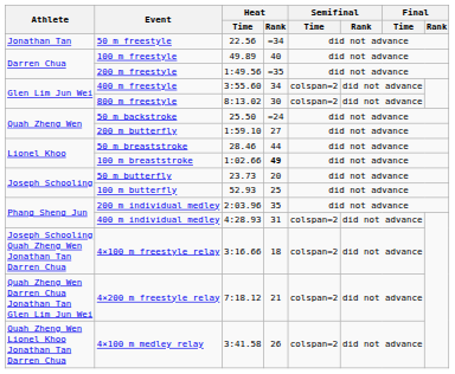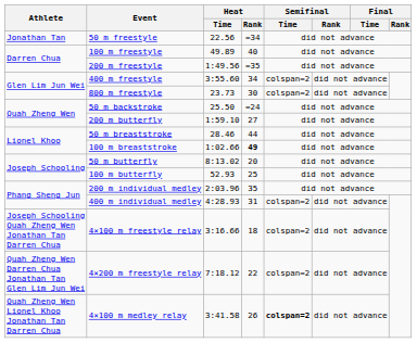 <table class="wikitable" style="text-align:center; font-size:90%">
 <tr>
 <th rowspan="2">Athlete</th>
 <th rowspan="2">Event</th>
 <th colspan="2">Heat</th>
 <th colspan="2">Semifinal</th>
 <th colspan="2">Final</th>
 </tr>
 <tr style="font-size:95%">
 <th>Time</th>
 <th>Rank</th>
 <th>Time</th>
 <th>Rank</th>
 <th>Time</th>
 <th>Rank</th>
 </tr>
 <tr>
 <td align=left><a href='#'>Jonathan Tan</a></td>
 <td align=left><a href='#'>50 m freestyle</a></td>
 <td>22.56</td>
 <td>=34</td>
 <td colspan=4>did not advance</td>
 </tr>
 <tr>
 <td align=left rowspan=2><a href='#'>Darren Chua</a></td>
 <td align=left><a href='#'>100 m freestyle</a></td>
 <td>49.89</td>
 <td>40</td>
 <td colspan=4>did not advance</td>
 </tr>
 <tr>
 <td align=left><a href='#'>200 m freestyle</a></td>
 <td>1:49.56</td>
 <td>=35</td>
 <td colspan=4>did not advance</td>
 </tr>
 <tr>
 <td align=left rowspan=2><a href='#'>Glen Lim Jun Wei</a></td>
 <td align=left><a href='#'>400 m freestyle</a></td>
 <td>3:55.60</td>
 <td>34</td>
 <td>colspan=2 </td>
 <td colspan=2>did not advance</td>
 </tr>
 <tr>
 <td align=left><a href='#'>800 m freestyle</a></td>
-<td>8:13.02</td>
+<td>23.73</td>
 <td>30</td>
 <td>colspan=2 </td>
 <td colspan=2>did not advance</td>
 </tr>
 <tr>
 <td align=left rowspan=2><a href='#'>Quah Zheng Wen</a></td>
 <td align=left><a href='#'>50 m backstroke</a></td>
 <td>25.50</td>
 <td>=24</td>
 <td colspan=4>did not advance</td>
 </tr>
 <tr>
 <td align=left><a href='#'>200 m butterfly</a></td>
 <td>1:59.10</td>
 <td>27</td>
 <td colspan=4>did not advance</td>
 </tr>
 <tr>
 <td align=left rowspan=2><a href='#'>Lionel Khoo</a></td>
 <td align=left><a href='#'>50 m breaststroke</a></td>
 <td>28.46</td>
 <td>44</td>
 <td colspan=4>did not advance</td>
 </tr>
 <tr>
 <td align=left><a href='#'>100 m breaststroke</a></td>
 <td>1:02.66</td>
 <td><strong>49</strong></td>
 <td colspan=4>did not advance</td>
 </tr>
 <tr>
 <td align=left rowspan=2><a href='#'>Joseph Schooling</a></td>
 <td align=left><a href='#'>50 m butterfly</a></td>
-<td>23.73</td>
+<td>8:13.02</td>
 <td>20</td>
 <td colspan=4>did not advance</td>
 </tr>
 <tr>
 <td align=left><a href='#'>100 m butterfly</a></td>
 <td>52.93</td>
 <td>25</td>
 <td colspan=4>did not advance</td>
 </tr>
 <tr>
 <td align=left rowspan=2><a href='#'>Phang Sheng Jun</a></td>
 <td align=left><a href='#'>200 m individual medley</a></td>
 <td>2:03.96</td>
 <td>35</td>
 <td colspan=4>did not advance</td>
 </tr>
 <tr>
 <td align=left><a href='#'>400 m individual medley</a></td>
 <td>4:28.93</td>
 <td>31</td>
 <td>colspan=2 </td>
 <td colspan=2>did not advance</td>
 </tr>
 <tr>
 <td align=left><a href='#'>Joseph Schooling</a><br><a href='#'>Quah Zheng Wen</a><br><a href='#'>Jonathan Tan</a><br><a href='#'>Darren Chua</a></td>
 <td align=left><a href='#'>4×100 m freestyle relay</a></td>
 <td>3:16.66</td>
 <td>18</td>
 <td>colspan=2 </td>
 <td colspan=2>did not advance</td>
 </tr>
 <tr>
 <td align=left><a href='#'>Quah Zheng Wen</a><br><a href='#'>Darren Chua</a><br><a href='#'>Jonathan Tan</a><br><a href='#'>Glen Lim Jun Wei</a></td>
 <td align=left><a href='#'>4×200 m freestyle relay</a></td>
 <td>7:18.12</td>
-<td>21</td>
+<td>22</td>
 <td>colspan=2 </td>
 <td colspan=2>did not advance</td>
 </tr>
 <tr>
 <td align=left><a href='#'>Quah Zheng Wen</a><br><a href='#'>Lionel Khoo</a><br><a href='#'>Jonathan Tan</a><br><a href='#'>Darren Chua</a></td>
 <td align=left><a href='#'>4×100 m medley relay</a></td>
 <td>3:41.58</td>
 <td>26</td>
-<td>colspan=2 </td>
+<td><strong>colspan=2 </strong></td>
 <td colspan=2>did not advance</td>
 </tr>
 </table>
